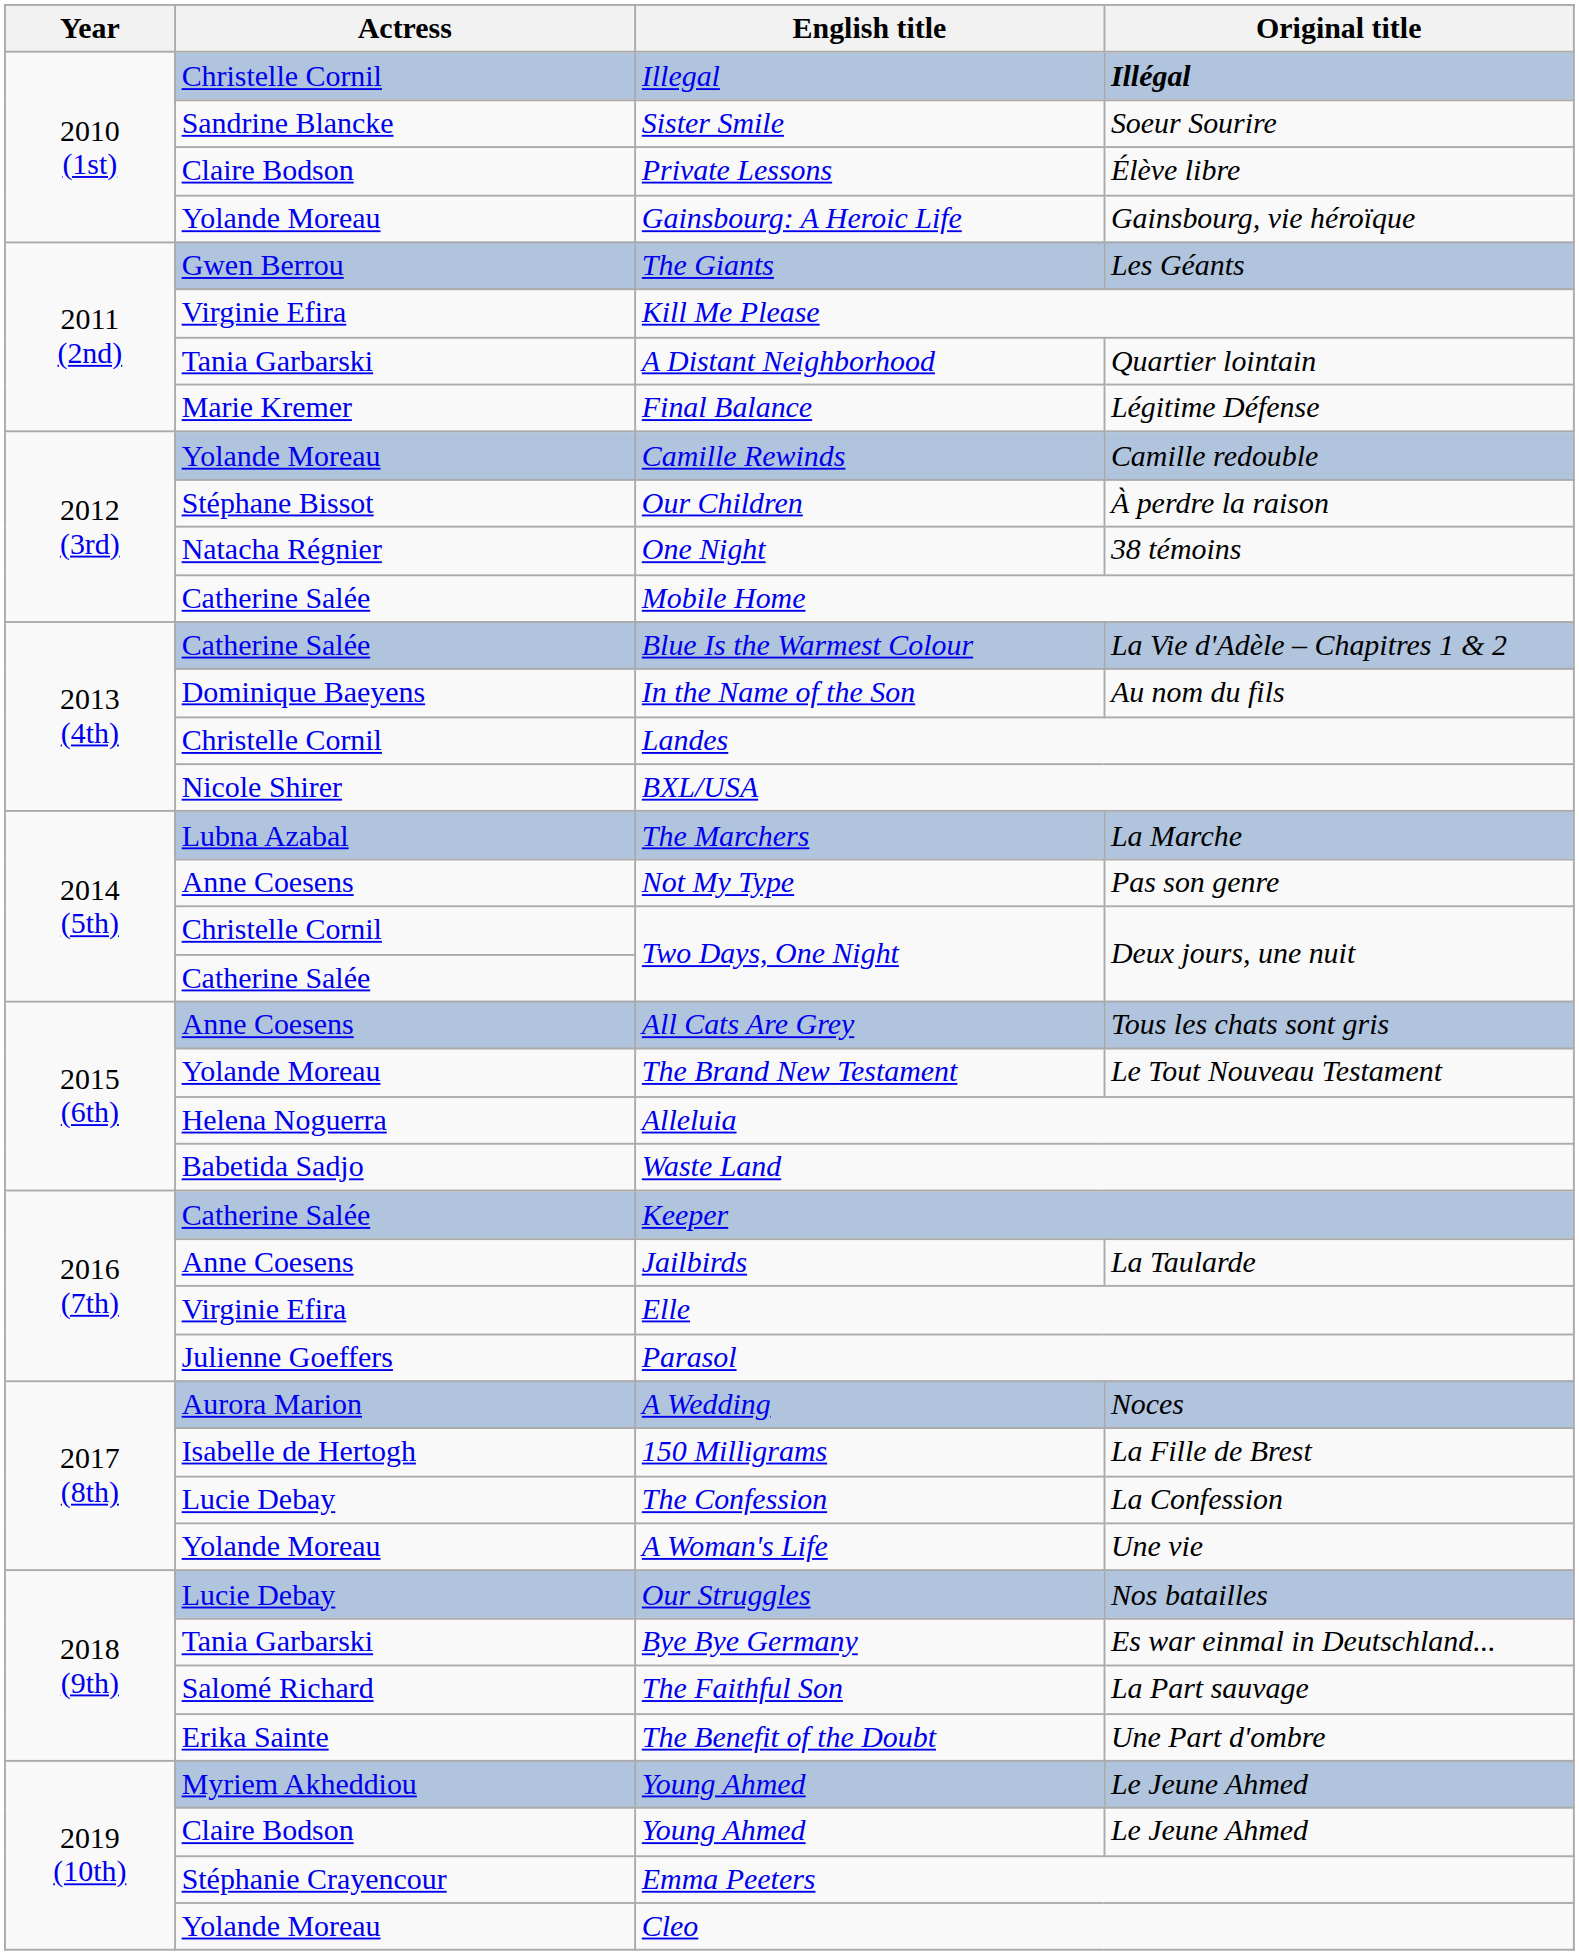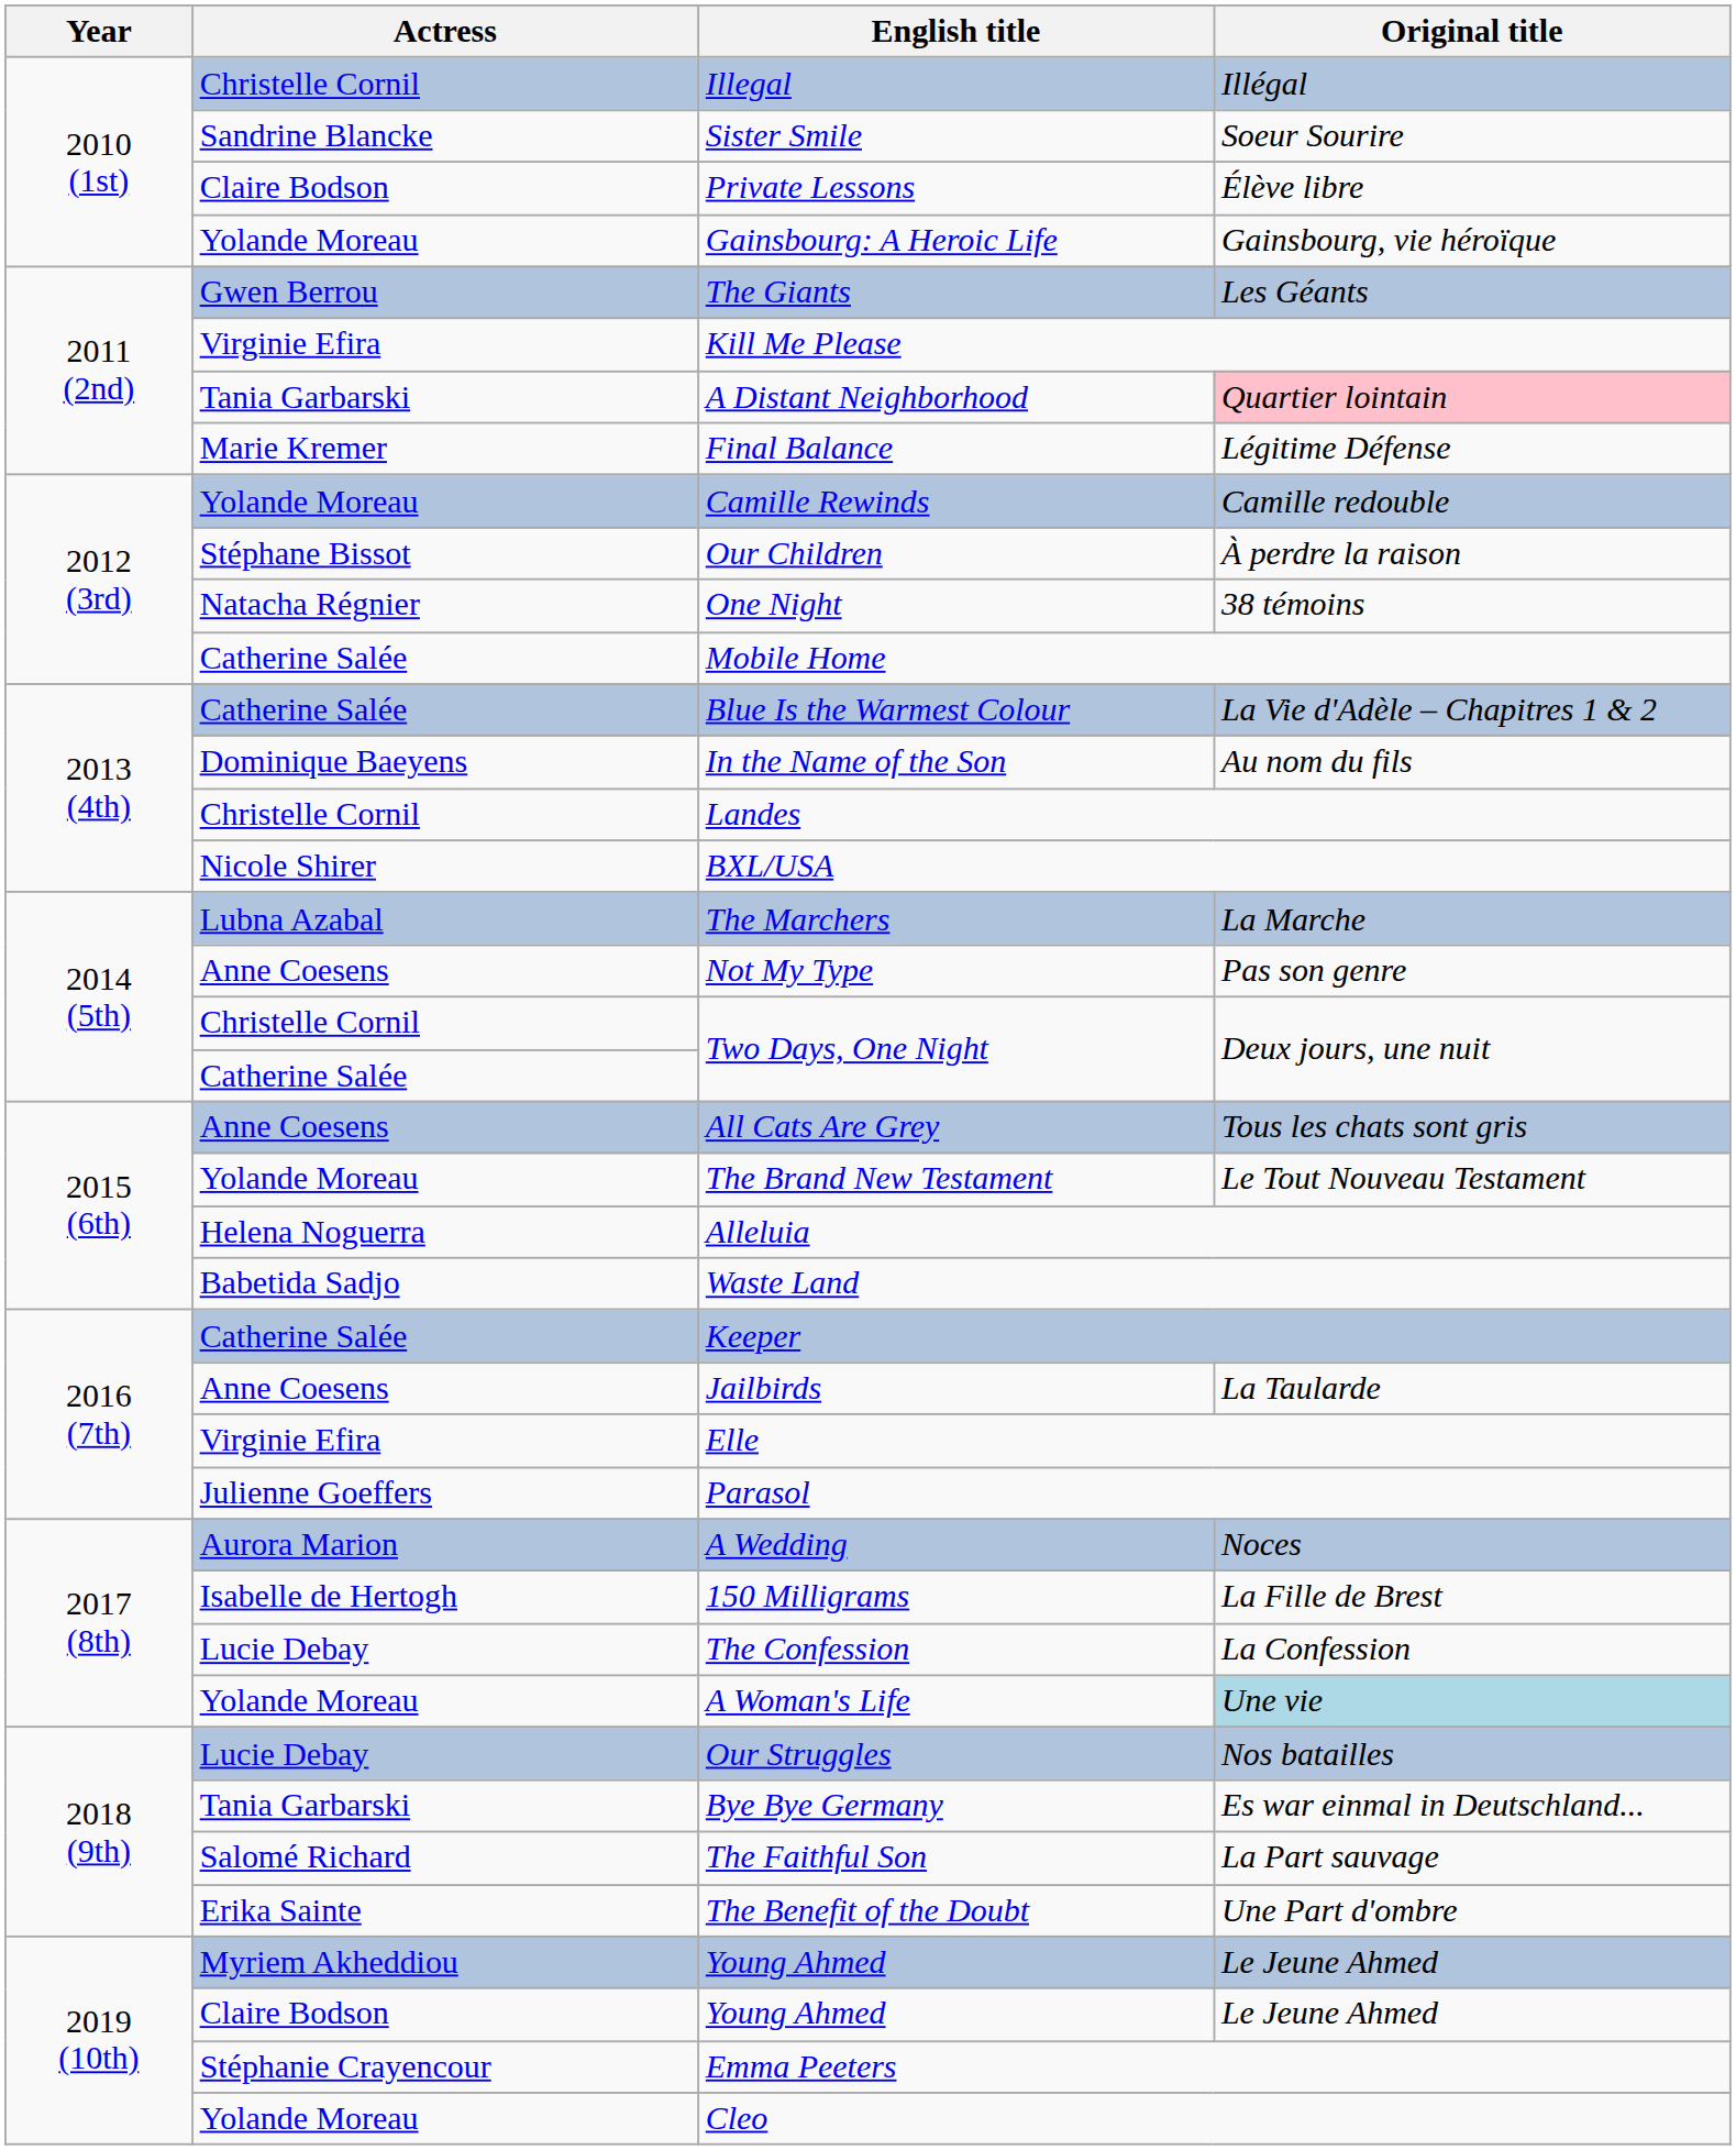 <table class="wikitable" width="95%" cellpadding="5">
 <tr>
 <th width="100"><strong>Year</strong></th>
 <th width="300"><strong>Actress</strong></th>
 <th width="300"><strong>English title</strong></th>
 <th width="300"><strong>Original title</strong></th>
 </tr>
 <tr>
 <td rowspan="4" style="text-align:center;">2010<br><a href='#'>(1st)</a></td>
 <td style="background:#B0C4DE;"><a href='#'>Christelle Cornil</a></td>
 <td style="background:#B0C4DE;"><em><a href='#'>Illegal</a></em></td>
-<td style="background:#B0C4DE;"><strong><em>Illégal</em></strong></td>
+<td style="background:#B0C4DE;"><em>Illégal</em></td>
 </tr>
 <tr>
 <td><a href='#'>Sandrine Blancke</a></td>
 <td><em><a href='#'>Sister Smile</a></em></td>
 <td><em>Soeur Sourire</em></td>
 </tr>
 <tr>
 <td><a href='#'>Claire Bodson</a></td>
 <td><em><a href='#'>Private Lessons</a></em></td>
 <td><em>Élève libre</em></td>
 </tr>
 <tr>
 <td><a href='#'>Yolande Moreau</a></td>
 <td><em><a href='#'>Gainsbourg: A Heroic Life</a></em></td>
 <td><em>Gainsbourg, vie héroïque</em></td>
 </tr>
 <tr>
 <td rowspan="4" style="text-align:center;">2011<br><a href='#'>(2nd)</a></td>
 <td style="background:#B0C4DE;"><a href='#'>Gwen Berrou</a></td>
 <td style="background:#B0C4DE;"><em><a href='#'>The Giants</a></em></td>
 <td style="background:#B0C4DE;"><em>Les Géants</em></td>
 </tr>
 <tr>
 <td><a href='#'>Virginie Efira</a></td>
 <td colspan="2"><em><a href='#'>Kill Me Please</a></em></td>
 </tr>
 <tr>
 <td><a href='#'>Tania Garbarski</a></td>
 <td><em><a href='#'>A Distant Neighborhood</a></em></td>
-<td><em>Quartier lointain</em></td>
+<td style="background: pink;"><em>Quartier lointain</em></td>
 </tr>
 <tr>
 <td><a href='#'>Marie Kremer</a></td>
 <td><em><a href='#'>Final Balance</a></em></td>
 <td><em>Légitime Défense</em></td>
 </tr>
 <tr>
 <td rowspan="4" style="text-align:center;">2012<br><a href='#'>(3rd)</a></td>
 <td style="background:#B0C4DE;"><a href='#'>Yolande Moreau</a></td>
 <td style="background:#B0C4DE;"><em><a href='#'>Camille Rewinds</a></em></td>
 <td style="background:#B0C4DE;"><em>Camille redouble</em></td>
 </tr>
 <tr>
 <td><a href='#'>Stéphane Bissot</a></td>
 <td><em><a href='#'>Our Children</a></em></td>
 <td><em>À perdre la raison</em></td>
 </tr>
 <tr>
 <td><a href='#'>Natacha Régnier</a></td>
 <td><em><a href='#'>One Night</a></em></td>
 <td><em>38 témoins</em></td>
 </tr>
 <tr>
 <td><a href='#'>Catherine Salée</a></td>
 <td colspan="2"><em><a href='#'>Mobile Home</a></em></td>
 </tr>
 <tr>
 <td rowspan="4" style="text-align:center;">2013<br><a href='#'>(4th)</a></td>
 <td style="background:#B0C4DE;"><a href='#'>Catherine Salée</a></td>
 <td style="background:#B0C4DE;"><em><a href='#'>Blue Is the Warmest Colour</a></em></td>
 <td style="background:#B0C4DE;"><em>La Vie d'Adèle – Chapitres 1 & 2</em></td>
 </tr>
 <tr>
 <td><a href='#'>Dominique Baeyens</a></td>
 <td><em><a href='#'>In the Name of the Son</a></em></td>
 <td><em>Au nom du fils</em></td>
 </tr>
 <tr>
 <td><a href='#'>Christelle Cornil</a></td>
 <td colspan="2"><em><a href='#'>Landes</a></em></td>
 </tr>
 <tr>
 <td><a href='#'>Nicole Shirer</a></td>
 <td colspan="2"><em><a href='#'>BXL/USA</a></em></td>
 </tr>
 <tr>
 <td rowspan="4" style="text-align:center;">2014<br><a href='#'>(5th)</a></td>
 <td style="background:#B0C4DE;"><a href='#'>Lubna Azabal</a></td>
 <td style="background:#B0C4DE;"><em><a href='#'>The Marchers</a></em></td>
 <td style="background:#B0C4DE;"><em>La Marche</em></td>
 </tr>
 <tr>
 <td><a href='#'>Anne Coesens</a></td>
 <td><em><a href='#'>Not My Type</a></em></td>
 <td><em>Pas son genre</em></td>
 </tr>
 <tr>
 <td><a href='#'>Christelle Cornil</a></td>
 <td rowspan="2"><em><a href='#'>Two Days, One Night</a></em></td>
 <td rowspan="2"><em>Deux jours, une nuit</em></td>
 </tr>
 <tr>
 <td><a href='#'>Catherine Salée</a></td>
 </tr>
 <tr>
 <td rowspan="4" style="text-align:center;">2015<br><a href='#'>(6th)</a></td>
 <td style="background:#B0C4DE;"><a href='#'>Anne Coesens</a></td>
 <td style="background:#B0C4DE;"><em><a href='#'>All Cats Are Grey</a></em></td>
 <td style="background:#B0C4DE;"><em>Tous les chats sont gris</em></td>
 </tr>
 <tr>
 <td><a href='#'>Yolande Moreau</a></td>
 <td><em><a href='#'>The Brand New Testament</a></em></td>
 <td><em>Le Tout Nouveau Testament</em></td>
 </tr>
 <tr>
 <td><a href='#'>Helena Noguerra</a></td>
 <td colspan="2"><em><a href='#'>Alleluia</a></em></td>
 </tr>
 <tr>
 <td><a href='#'>Babetida Sadjo</a></td>
 <td colspan="2"><em><a href='#'>Waste Land</a></em></td>
 </tr>
 <tr>
 <td rowspan="4" style="text-align:center;">2016<br><a href='#'>(7th)</a></td>
 <td style="background:#B0C4DE;"><a href='#'>Catherine Salée</a></td>
 <td style="background:#B0C4DE;" colspan="2"><em><a href='#'>Keeper</a></em></td>
 </tr>
 <tr>
 <td><a href='#'>Anne Coesens</a></td>
 <td><em><a href='#'>Jailbirds</a></em></td>
 <td><em>La Taularde</em></td>
 </tr>
 <tr>
 <td><a href='#'>Virginie Efira</a></td>
 <td colspan="2"><em><a href='#'>Elle</a></em></td>
 </tr>
 <tr>
 <td><a href='#'>Julienne Goeffers</a></td>
 <td colspan="2"><em><a href='#'>Parasol</a></em></td>
 </tr>
 <tr>
 <td rowspan="4" style="text-align:center;">2017<br><a href='#'>(8th)</a></td>
 <td style="background:#B0C4DE;"><a href='#'>Aurora Marion</a></td>
 <td style="background:#B0C4DE;"><em><a href='#'>A Wedding</a></em></td>
 <td style="background:#B0C4DE;"><em>Noces</em></td>
 </tr>
 <tr>
 <td><a href='#'>Isabelle de Hertogh</a></td>
 <td><em><a href='#'>150 Milligrams</a></em></td>
 <td><em>La Fille de Brest</em></td>
 </tr>
 <tr>
 <td><a href='#'>Lucie Debay</a></td>
 <td><em><a href='#'>The Confession</a></em></td>
 <td><em>La Confession</em></td>
 </tr>
 <tr>
 <td><a href='#'>Yolande Moreau</a></td>
 <td><em><a href='#'>A Woman's Life</a></em></td>
-<td><em>Une vie</em></td>
+<td style="background: lightblue;"><em>Une vie</em></td>
 </tr>
 <tr>
 <td rowspan="4" style="text-align:center;">2018<br><a href='#'>(9th)</a></td>
 <td style="background:#B0C4DE;"><a href='#'>Lucie Debay</a></td>
 <td style="background:#B0C4DE;"><em><a href='#'>Our Struggles</a></em></td>
 <td style="background:#B0C4DE;"><em>Nos batailles</em></td>
 </tr>
 <tr>
 <td><a href='#'>Tania Garbarski</a></td>
 <td><em><a href='#'>Bye Bye Germany</a></em></td>
 <td><em>Es war einmal in Deutschland...</em></td>
 </tr>
 <tr>
 <td><a href='#'>Salomé Richard</a></td>
 <td><em><a href='#'>The Faithful Son</a></em></td>
 <td><em>La Part sauvage</em></td>
 </tr>
 <tr>
 <td><a href='#'>Erika Sainte</a></td>
 <td><em><a href='#'>The Benefit of the Doubt</a></em></td>
 <td><em>Une Part d'ombre</em></td>
 </tr>
 <tr>
 <td rowspan="4" style="text-align:center;">2019<br><a href='#'>(10th)</a></td>
 <td style="background:#B0C4DE;"><a href='#'>Myriem Akheddiou</a></td>
 <td style="background:#B0C4DE;"><em><a href='#'>Young Ahmed</a></em></td>
 <td style="background:#B0C4DE;"><em>Le Jeune Ahmed</em></td>
 </tr>
 <tr>
 <td><a href='#'>Claire Bodson</a></td>
 <td><em><a href='#'>Young Ahmed</a></em></td>
 <td><em>Le Jeune Ahmed</em></td>
 </tr>
 <tr>
 <td><a href='#'>Stéphanie Crayencour</a></td>
 <td colspan="2"><em><a href='#'>Emma Peeters</a></em></td>
 </tr>
 <tr>
 <td><a href='#'>Yolande Moreau</a></td>
 <td colspan="2"><em><a href='#'>Cleo</a></em></td>
 </tr>
 </table>
